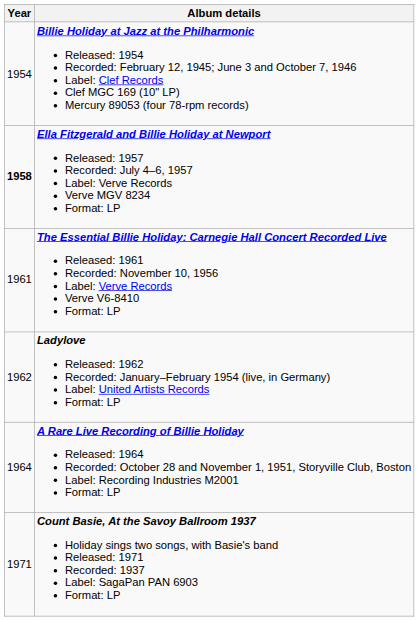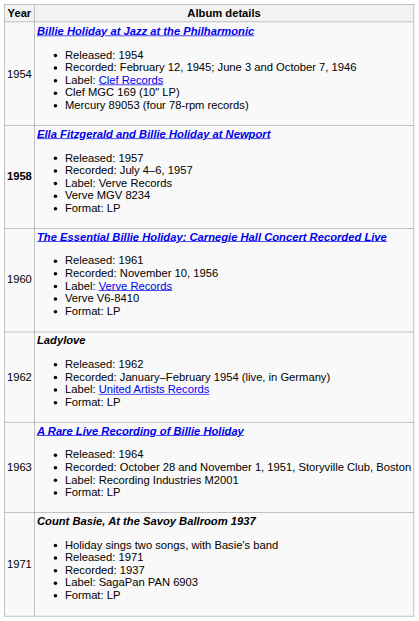 <table class="wikitable" style="text-align:center">
 <tr>
 <th>Year</th>
 <th>Album details</th>
 </tr>
 <tr>
 <td>1954</td>
 <td style="text-align:left"><strong><em><a href='#'>Billie Holiday at Jazz at the Philharmonic</a></em></strong><br><ul><li>Released: 1954</li><li>Recorded: February 12, 1945; June 3 and October 7, 1946</li><li>Label: <a href='#'>Clef Records</a></li><li>Clef MGC 169 (10" LP)</li><li>Mercury 89053 (four 78-rpm records)</li></ul></td>
 </tr>
 <tr>
 <td><strong>1958</strong></td>
 <td style="text-align:left"><strong><em><a href='#'>Ella Fitzgerald and Billie Holiday at Newport</a></em></strong><br><ul><li>Released: 1957</li><li>Recorded: July 4–6, 1957</li><li>Label: Verve Records</li><li>Verve MGV 8234</li><li>Format: LP</li></ul></td>
 </tr>
 <tr>
-<td>1961</td>
+<td>1960</td>
 <td style="text-align:left"><strong><em><a href='#'>The Essential Billie Holiday: Carnegie Hall Concert Recorded Live</a></em></strong><br><ul><li>Released: 1961</li><li>Recorded: November 10, 1956</li><li>Label: <a href='#'>Verve Records</a></li><li>Verve V6-8410</li><li>Format: LP</li></ul></td>
 </tr>
 <tr>
 <td>1962</td>
 <td style="text-align:left"><strong><em>Ladylove</em></strong><br><ul><li>Released: 1962</li><li>Recorded: January–February 1954 (live, in Germany)</li><li>Label: <a href='#'>United Artists Records</a></li><li>Format: LP</li></ul></td>
 </tr>
 <tr>
-<td>1964</td>
+<td>1963</td>
 <td style="text-align:left"><strong><em><a href='#'>A Rare Live Recording of Billie Holiday</a></em></strong><br><ul><li>Released: 1964</li><li>Recorded: October 28 and November 1, 1951, Storyville Club, Boston</li><li>Label: Recording Industries M2001</li><li>Format: LP</li></ul></td>
 </tr>
 <tr>
 <td>1971</td>
 <td style="text-align:left"><strong><em>Count Basie, At the Savoy Ballroom 1937</em></strong><br><ul><li>Holiday sings two songs, with Basie's band</li><li>Released: 1971</li><li>Recorded: 1937</li><li>Label: SagaPan PAN 6903</li><li>Format: LP</li></ul></td>
 </tr>
 </table>
